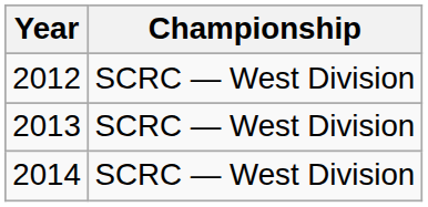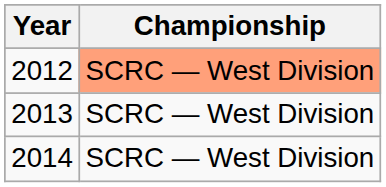 <table class="wikitable sortable" style="width: %;">
 <tr>
 <th width=px>Year</th>
 <th width=px>Championship</th>
 </tr>
 <tr>
 <td>2012</td>
-<td>SCRC — West Division</td>
+<td style="background: lightsalmon;">SCRC — West Division</td>
 </tr>
 <tr>
 <td>2013</td>
 <td>SCRC — West Division</td>
 </tr>
 <tr>
 <td>2014</td>
 <td>SCRC — West Division</td>
 </tr>
 </table>
